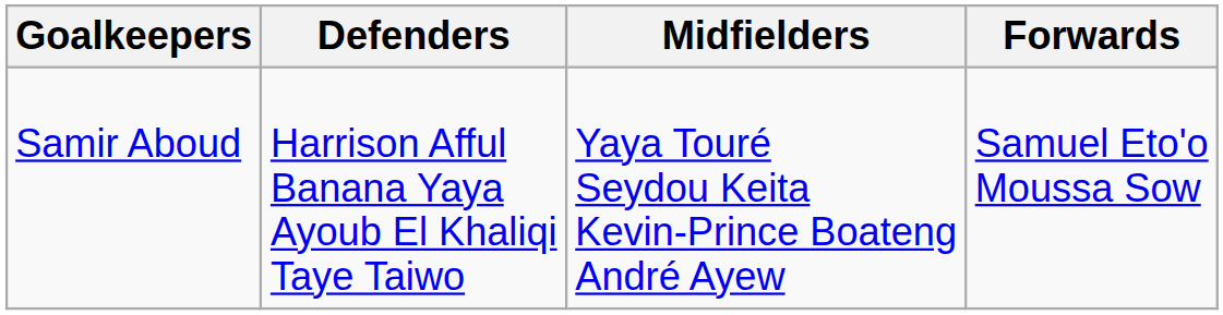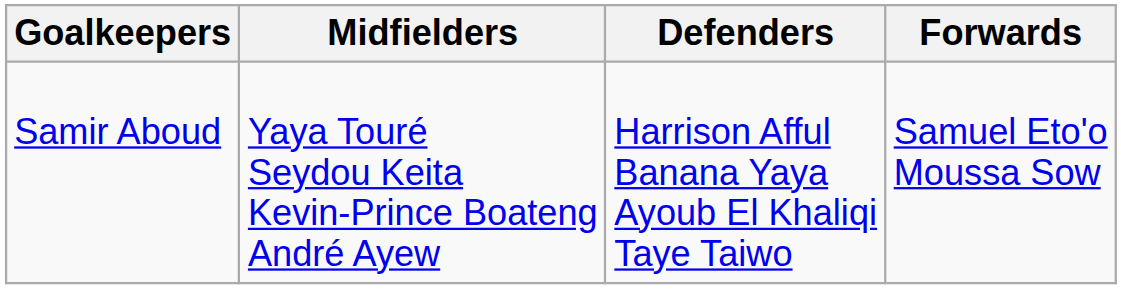 <table class="wikitable" style="margin:0 auto">
 <tr>
 <th>Goalkeepers</th>
+<th>Midfielders</th>
 <th>Defenders</th>
-<th>Midfielders</th>
 <th>Forwards</th>
 </tr>
 <tr>
 <td align=left valign=top><br> <a href='#'>Samir Aboud</a></td>
+<td align=left valign=top><br> <a href='#'>Yaya Touré</a><br>  <a href='#'>Seydou Keita</a><br>  <a href='#'>Kevin-Prince Boateng</a><br>  <a href='#'>André Ayew</a></td>
 <td align=left valign=top><br> <a href='#'>Harrison Afful</a><br>  <a href='#'>Banana Yaya</a><br>  <a href='#'>Ayoub El Khaliqi</a><br>  <a href='#'>Taye Taiwo</a></td>
-<td align=left valign=top><br> <a href='#'>Yaya Touré</a><br>  <a href='#'>Seydou Keita</a><br>  <a href='#'>Kevin-Prince Boateng</a><br>  <a href='#'>André Ayew</a></td>
 <td align=left valign=top><br> <a href='#'>Samuel Eto'o</a><br>  <a href='#'>Moussa Sow</a></td>
 </tr>
 </table>
